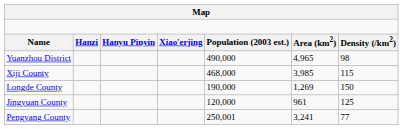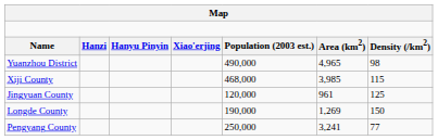 <table class="wikitable"  style="font-size:90%;" align=center>
 <tr>
 <th colspan="7">Map</th>
 </tr>
 <tr>
 <td colspan="7" align="center"><div><br>        </div></td>
 </tr>
 <tr>
 <th>Name</th>
 <th><a href='#'>Hanzi</a></th>
 <th><a href='#'>Hanyu Pinyin</a></th>
 <th><a href='#'>Xiao'erjing</a></th>
 <th>Population (2003 est.)</th>
 <th>Area (km<sup>2</sup>)</th>
 <th>Density (/km<sup>2</sup>)</th>
 </tr>
 <tr --------->
 <td><a href='#'>Yuanzhou District</a></td>
 <td></td>
 <td></td>
 <td></td>
 <td>490,000</td>
 <td>4,965</td>
 <td>98</td>
 </tr>
 <tr --------->
 <td><a href='#'>Xiji County</a></td>
 <td></td>
 <td></td>
 <td></td>
 <td>468,000</td>
 <td>3,985</td>
 <td>115</td>
 </tr>
 <tr --------->
+<td><a href='#'>Jingyuan County</a></td>
+<td></td>
+<td></td>
+<td></td>
+<td>120,000</td>
+<td>961</td>
+<td>125</td>
+</tr>
+<tr --------->
 <td><a href='#'>Longde County</a></td>
 <td></td>
 <td></td>
 <td></td>
 <td>190,000</td>
 <td>1,269</td>
 <td>150</td>
 </tr>
 <tr --------->
-<td><a href='#'>Jingyuan County</a></td>
-<td></td>
-<td></td>
-<td></td>
-<td>120,000</td>
-<td>961</td>
-<td>125</td>
-</tr>
-<tr --------->
 <td><a href='#'>Pengyang County</a></td>
 <td></td>
 <td></td>
 <td></td>
-<td>250,001</td>
+<td>250,000</td>
 <td>3,241</td>
 <td>77</td>
 </tr>
 </table>
